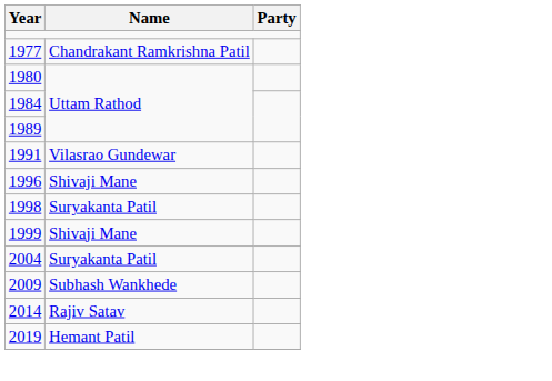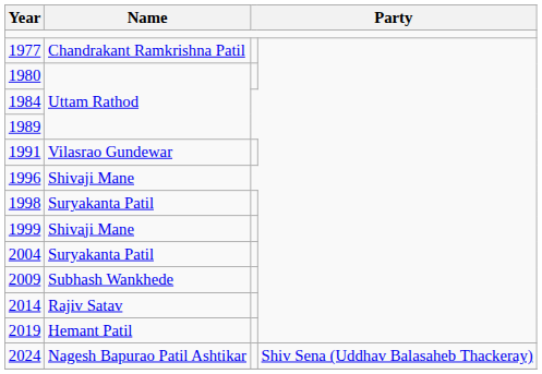 <table class ="wikitable">
 <tr>
 <th>Year</th>
 <th>Name</th>
 <th colspan="2">Party</th>
 </tr>
 <tr>
 <td colspan="4"></td>
 </tr>
 <tr>
 <td><a href='#'>1977</a></td>
 <td><a href='#'>Chandrakant Ramkrishna Patil</a></td>
 <td></td>
 </tr>
 <tr>
 <td><a href='#'>1980</a></td>
 <td rowspan="3"><a href='#'>Uttam Rathod</a></td>
 <td></td>
 </tr>
 <tr>
 <td><a href='#'>1984</a></td>
 </tr>
 <tr>
 <td><a href='#'>1989</a></td>
 </tr>
 <tr>
 <td><a href='#'>1991</a></td>
 <td><a href='#'>Vilasrao Gundewar</a></td>
 <td></td>
 </tr>
 <tr>
 <td><a href='#'>1996</a></td>
 <td><a href='#'>Shivaji Mane</a></td>
 </tr>
 <tr>
 <td><a href='#'>1998</a></td>
 <td><a href='#'>Suryakanta Patil</a></td>
 <td></td>
 </tr>
 <tr>
 <td><a href='#'>1999</a></td>
 <td><a href='#'>Shivaji Mane</a></td>
 <td></td>
 </tr>
 <tr>
 <td><a href='#'>2004</a></td>
 <td><a href='#'>Suryakanta Patil</a></td>
 <td></td>
 </tr>
 <tr>
 <td><a href='#'>2009</a></td>
 <td><a href='#'>Subhash Wankhede</a></td>
 <td></td>
 </tr>
 <tr>
 <td><a href='#'>2014</a></td>
 <td><a href='#'>Rajiv Satav</a></td>
 <td></td>
 </tr>
 <tr>
 <td><a href='#'>2019</a></td>
 <td><a href='#'>Hemant Patil</a></td>
 <td></td>
 </tr>
 <tr>
+<td><a href='#'>2024</a></td>
+<td><a href='#'>Nagesh Bapurao Patil Ashtikar</a></td>
+<td style="background-color: "></td>
+<td><a href='#'>Shiv Sena (Uddhav Balasaheb Thackeray)</a></td>
+</tr>
+<tr>
 </tr>
 </table>
